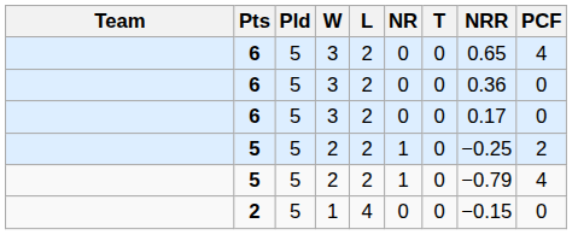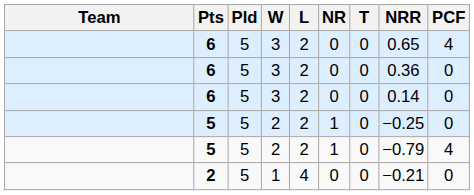 <table class="wikitable" style="text-align:center;">
 <tr>
 <th width=175>Team</th>
 <th width=20 abbr="Points">Pts</th>
 <th width=20 abbr="Played">Pld</th>
 <th width=20 abbr="Won">W</th>
 <th width=20 abbr="Lost">L</th>
 <th width=20 abbr="No result">NR</th>
 <th width=20 abbr="Tied">T</th>
 <th width=20 abbr="Net run rate">NRR</th>
 <th width=20 abbr="Points Carried Forward">PCF</th>
 </tr>
 <tr style="background:#ddeeff">
 <td style="text-align:left;"></td>
 <td><strong>6</strong></td>
 <td>5</td>
 <td>3</td>
 <td>2</td>
 <td>0</td>
 <td>0</td>
 <td>0.65</td>
 <td>4</td>
 </tr>
 <tr style="background:#ddeeff">
 <td style="text-align:left;"></td>
 <td><strong>6</strong></td>
 <td>5</td>
 <td>3</td>
 <td>2</td>
 <td>0</td>
 <td>0</td>
 <td>0.36</td>
 <td>0</td>
 </tr>
 <tr style="background:#ddeeff">
 <td style="text-align:left;"></td>
 <td><strong>6</strong></td>
 <td>5</td>
 <td>3</td>
 <td>2</td>
 <td>0</td>
 <td>0</td>
-<td>0.17</td>
+<td>0.14</td>
 <td>0</td>
 </tr>
 <tr style="background:#ddeeff">
 <td style="text-align:left;"></td>
 <td><strong>5</strong></td>
 <td>5</td>
 <td>2</td>
 <td>2</td>
 <td>1</td>
 <td>0</td>
 <td>−0.25</td>
-<td>2</td>
+<td>0</td>
 </tr>
 <tr>
 <td style="text-align:left;"></td>
 <td><strong>5</strong></td>
 <td>5</td>
 <td>2</td>
 <td>2</td>
 <td>1</td>
 <td>0</td>
 <td>−0.79</td>
 <td>4</td>
 </tr>
 <tr>
 <td style="text-align:left;"></td>
 <td><strong>2</strong></td>
 <td>5</td>
 <td>1</td>
 <td>4</td>
 <td>0</td>
 <td>0</td>
-<td>−0.15</td>
+<td>−0.21</td>
 <td>0</td>
 </tr>
 </table>
